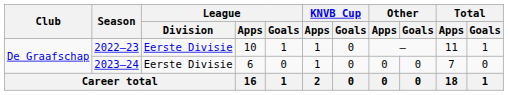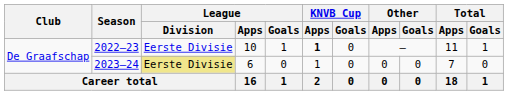 <table class="wikitable" style="text-align:center">
 <tr>
 <th rowspan="2">Club</th>
 <th rowspan="2">Season</th>
 <th colspan="3">League</th>
 <th colspan="2"><a href='#'>KNVB Cup</a></th>
 <th colspan="2">Other</th>
 <th colspan="2">Total</th>
 </tr>
 <tr>
 <th>Division</th>
 <th>Apps</th>
 <th>Goals</th>
 <th>Apps</th>
 <th>Goals</th>
 <th>Apps</th>
 <th>Goals</th>
 <th>Apps</th>
 <th>Goals</th>
 </tr>
 <tr>
 <td rowspan="2"><a href='#'>De Graafschap</a></td>
 <td><a href='#'>2022–23</a></td>
 <td><a href='#'>Eerste Divisie</a></td>
 <td>10</td>
 <td>1</td>
-<td>1</td>
+<td><strong>1</strong></td>
 <td>0</td>
 <td colspan="2">—</td>
 <td>11</td>
 <td>1</td>
 </tr>
 <tr>
 <td><a href='#'>2023–24</a></td>
-<td>Eerste Divisie</td>
+<td style="background: khaki;">Eerste Divisie</td>
 <td>6</td>
 <td>0</td>
 <td>1</td>
 <td>0</td>
 <td>0</td>
 <td>0</td>
 <td>7</td>
 <td>0</td>
 </tr>
 <tr>
 <th colspan="3">Career total</th>
 <th>16</th>
 <th>1</th>
 <th>2</th>
 <th>0</th>
 <th>0</th>
 <th>0</th>
 <th>18</th>
 <th>1</th>
 </tr>
 </table>
